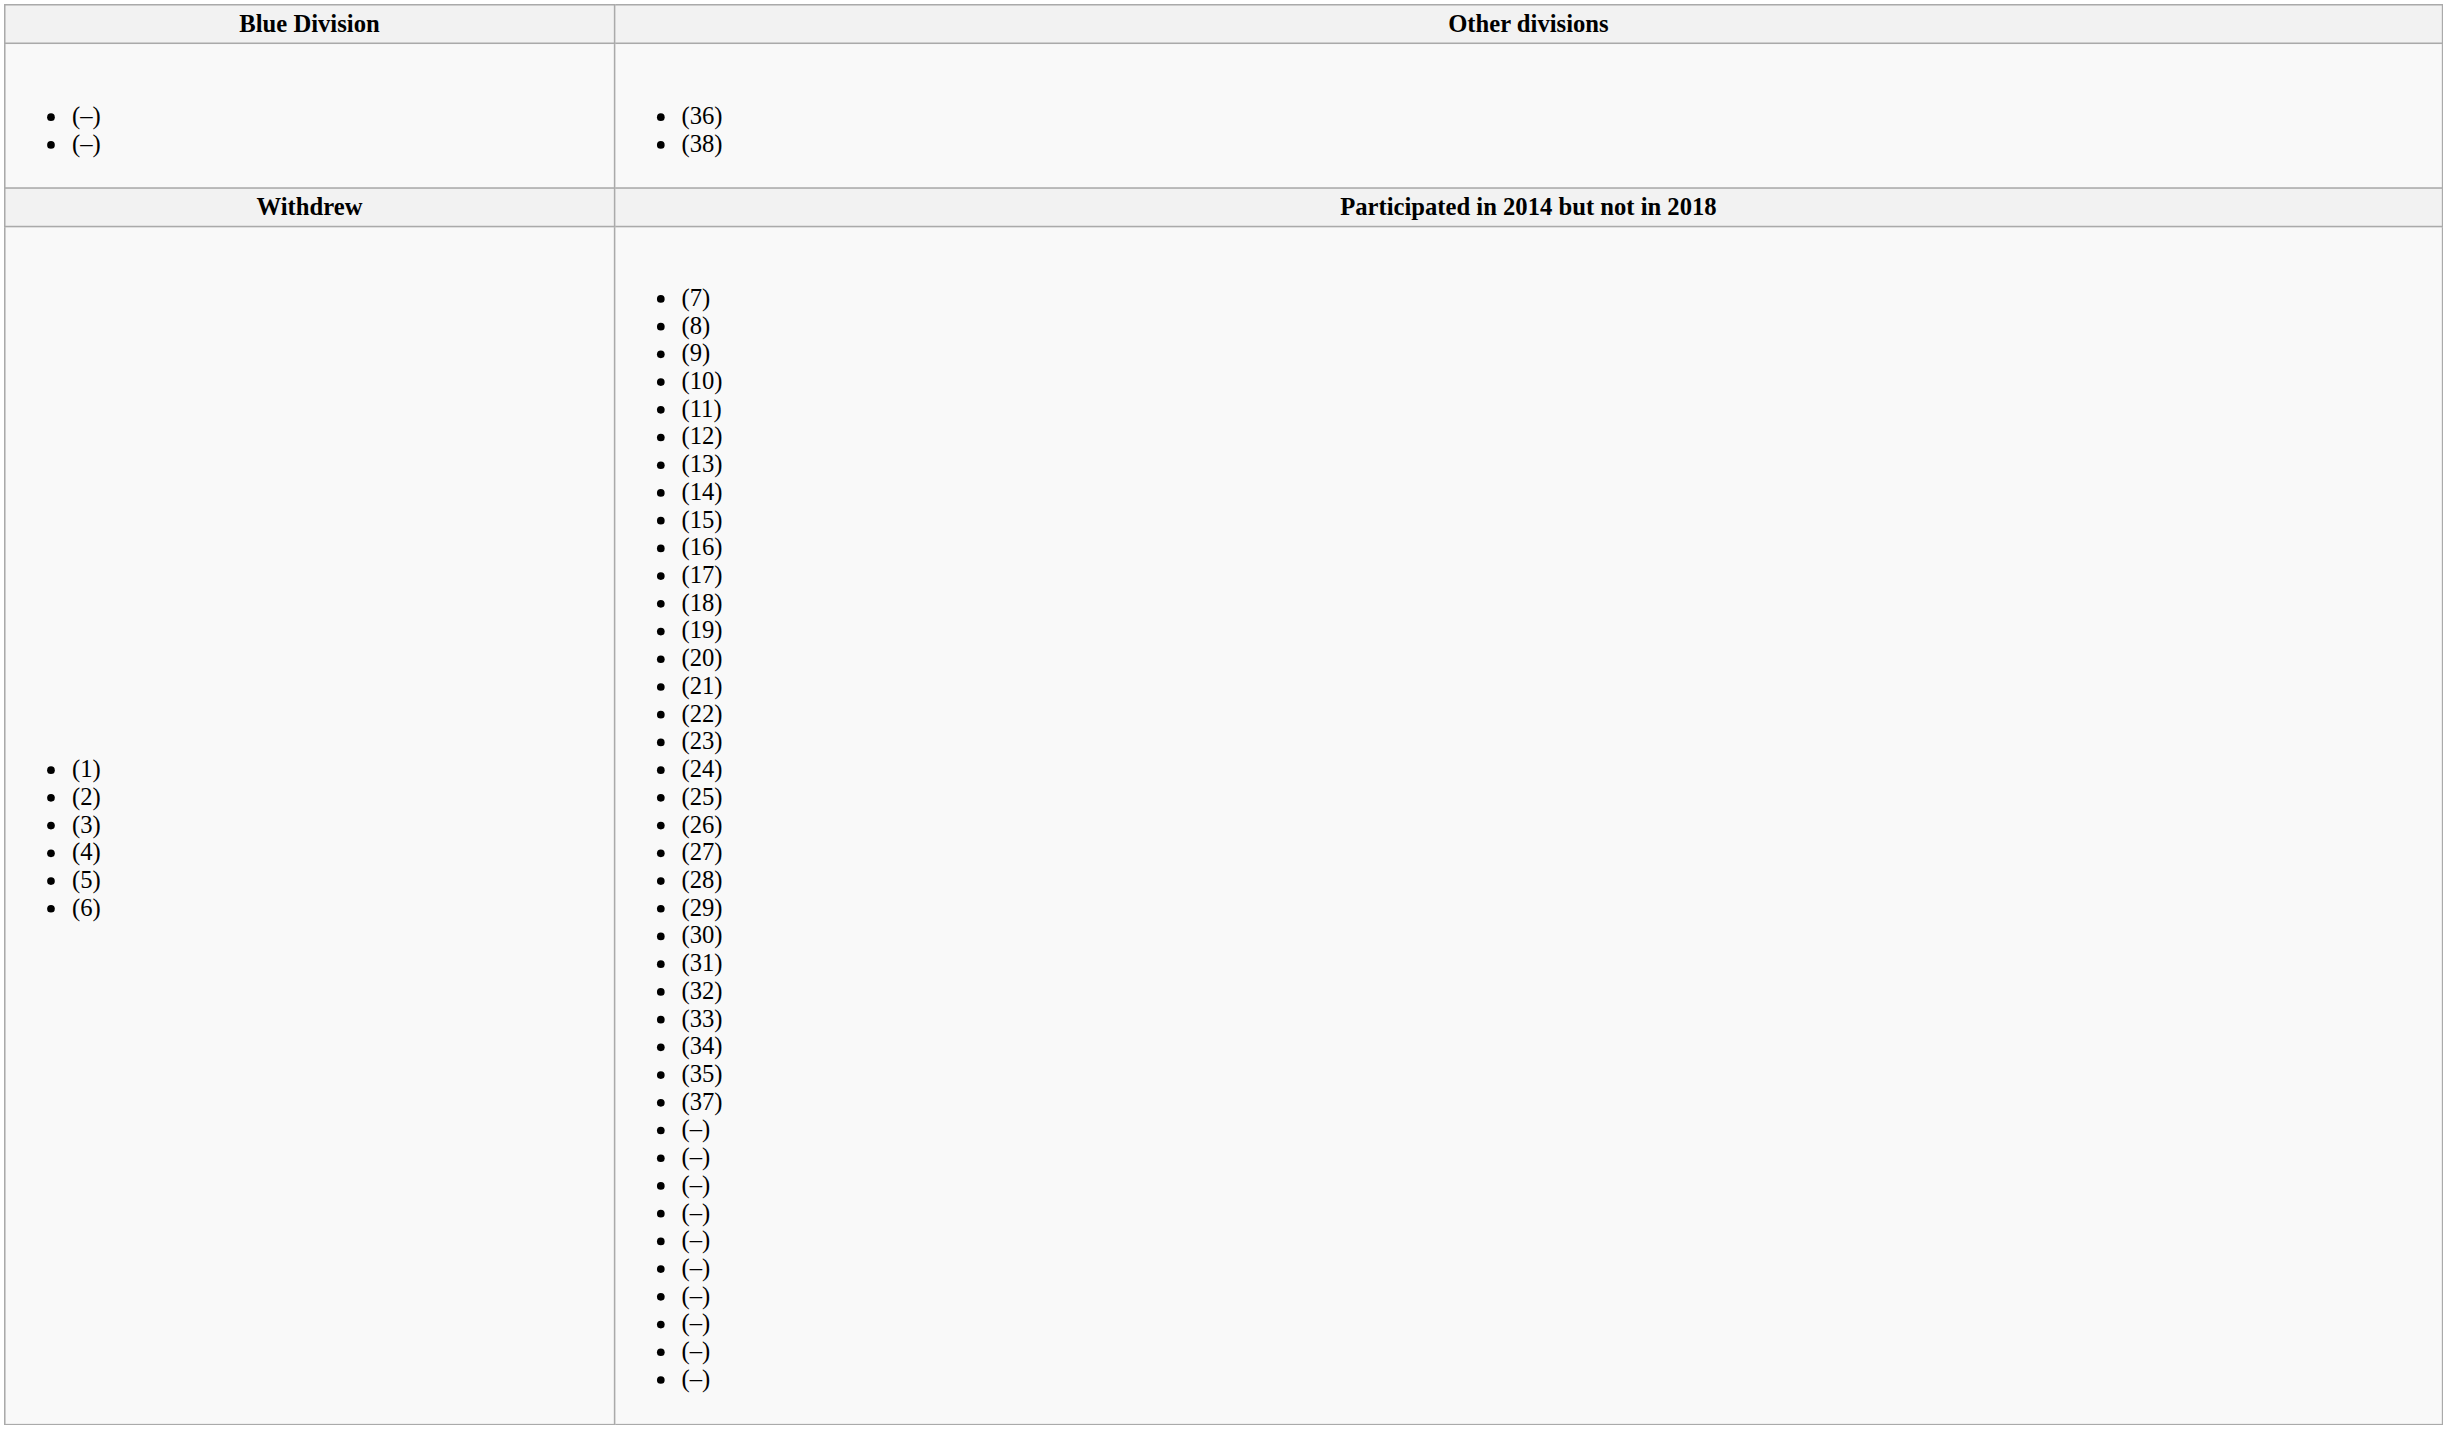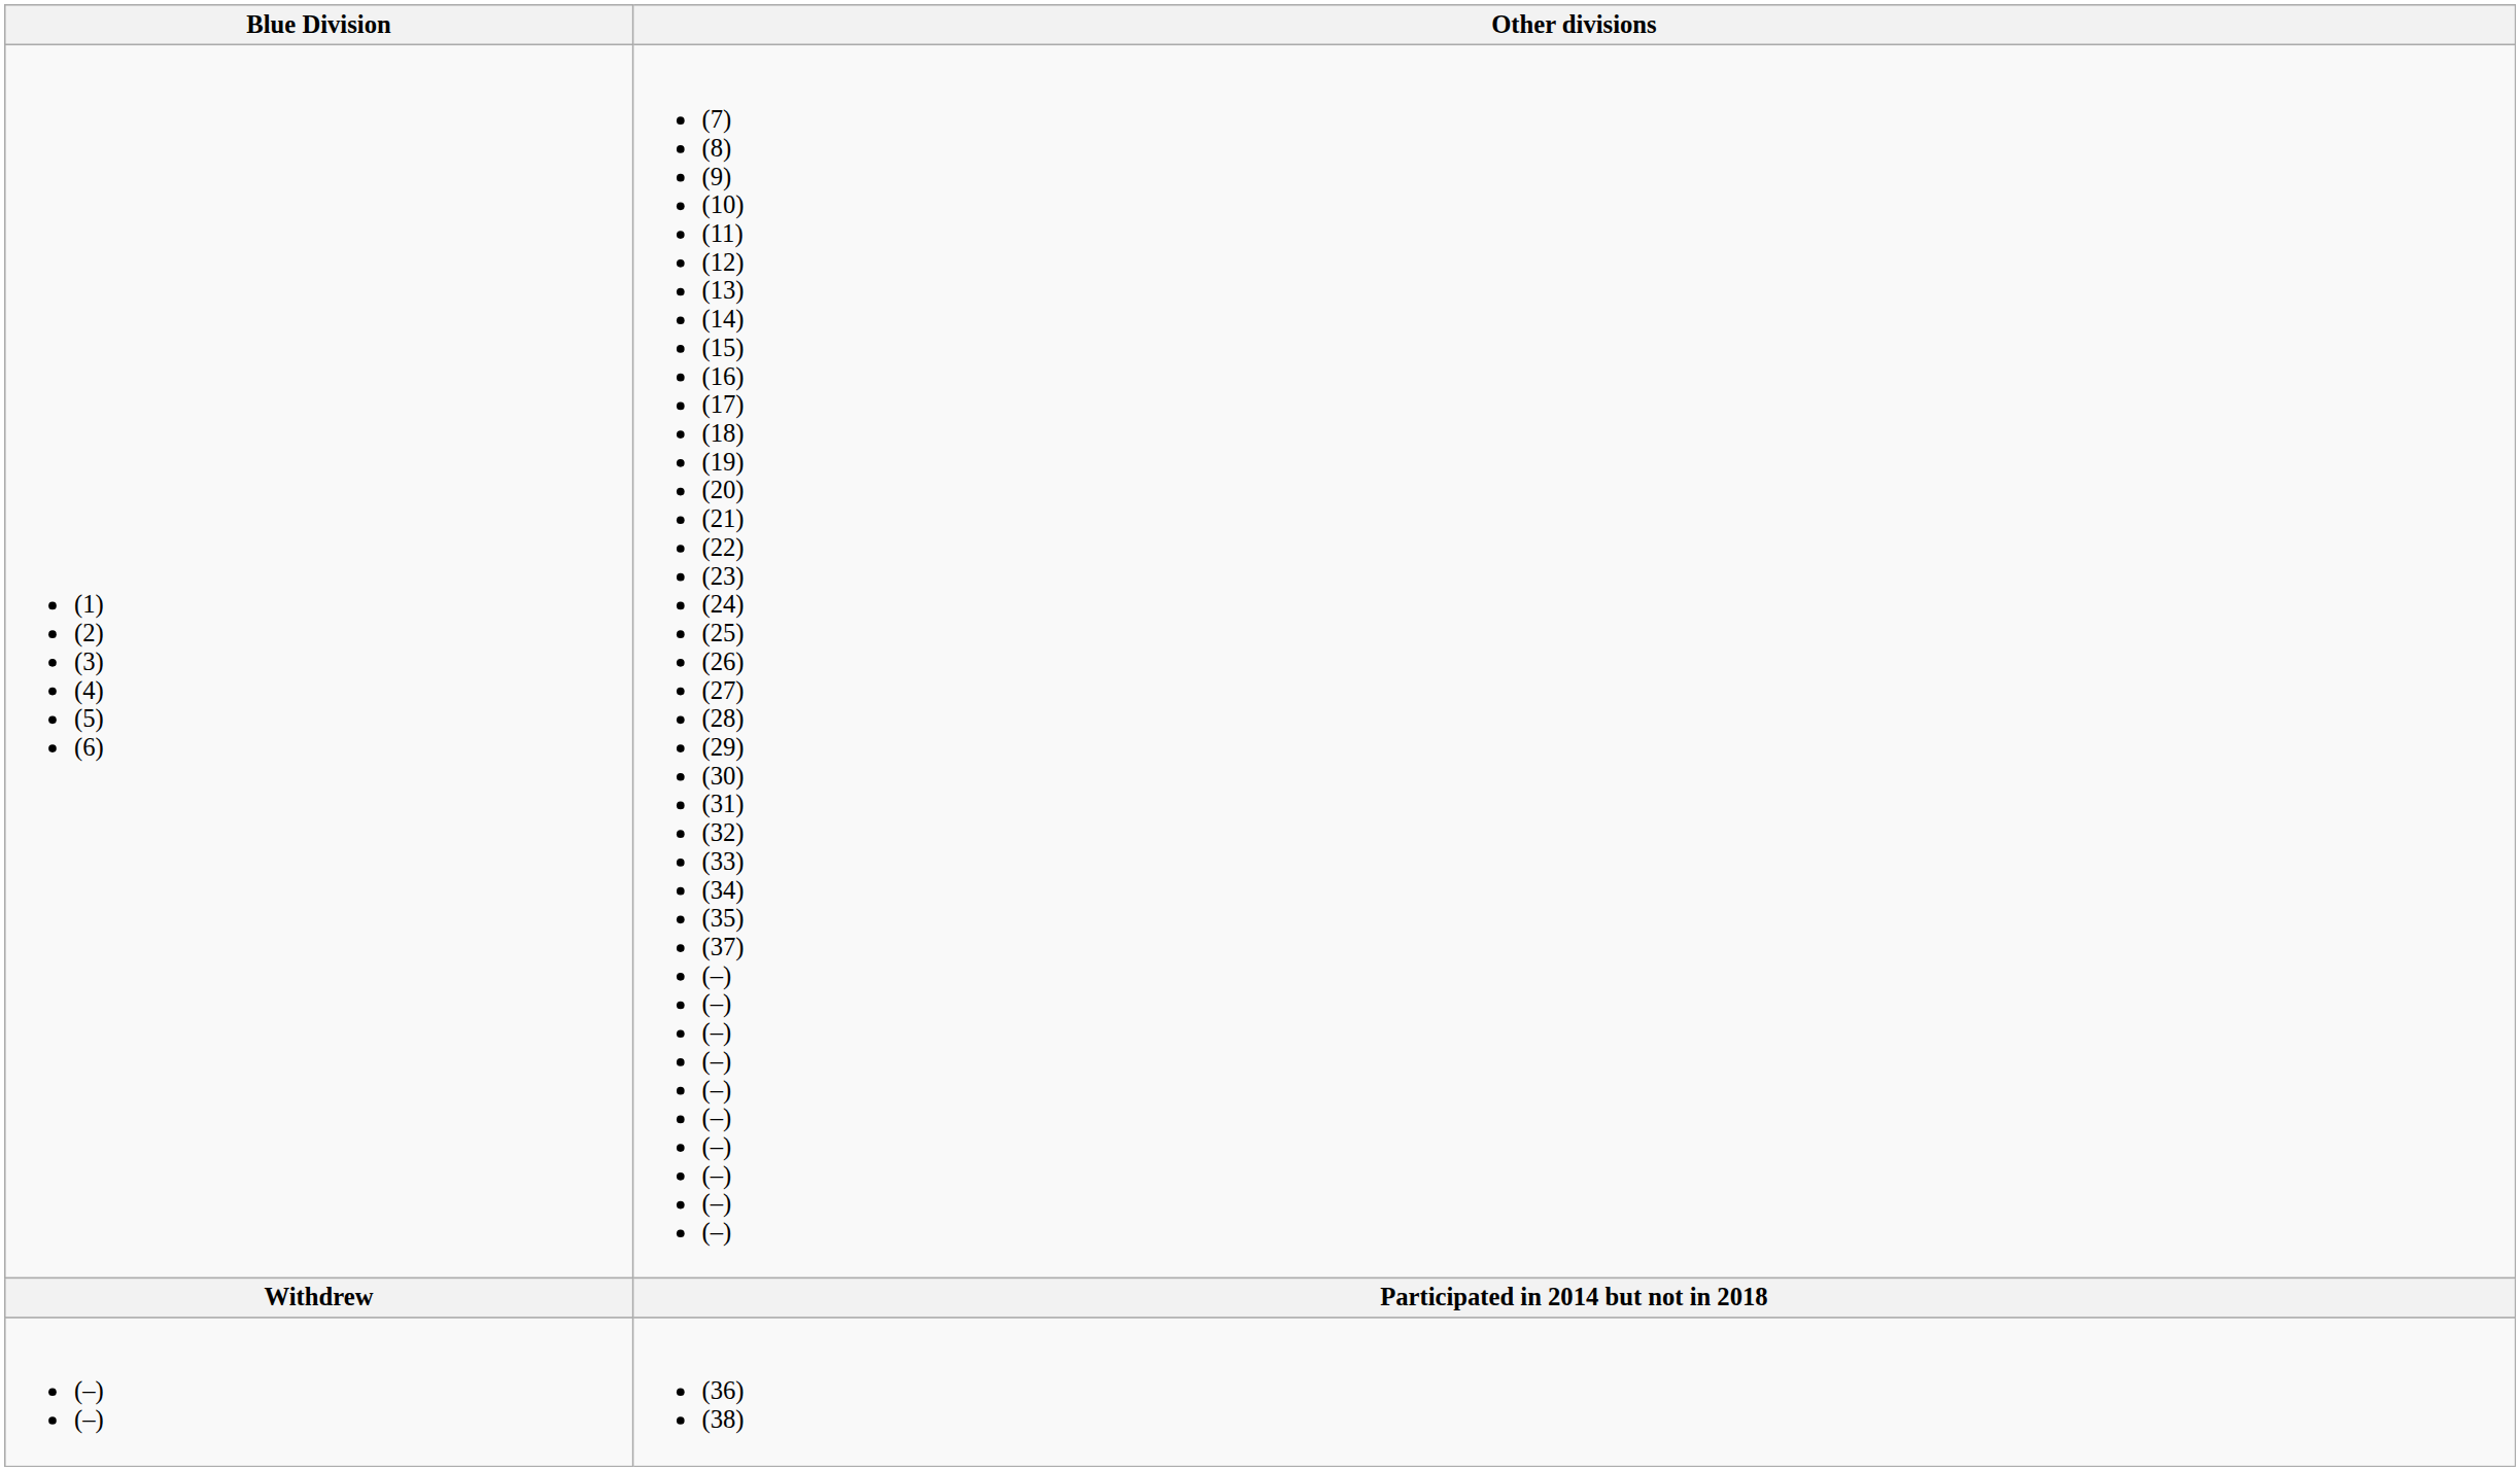 <table class="wikitable" style="txt-align: center;" width=100%>
 <tr>
 <th width=25%>Blue Division</th>
 <th>Other divisions</th>
 </tr>
 <tr>
-<td><br><ul><li> (–)</li><li> (–)</li></ul></td>
-<td><br><ul><li> (36)</li><li> (38)</li></ul></td>
+<td><br><ul><li> (1)</li><li> (2)</li><li> (3)</li><li> (4)</li><li> (5)</li><li> (6)</li></ul></td>
+<td><br><ul><li> (7)</li><li> (8)</li><li> (9)</li><li> (10)</li><li> (11)</li><li> (12)</li><li> (13)</li><li> (14)</li><li> (15)</li><li> (16)</li><li> (17)</li><li> (18)</li><li> (19)</li><li> (20)</li><li> (21)</li><li> (22)</li><li> (23)</li><li> (24)</li><li> (25)</li><li> (26)</li><li> (27)</li><li> (28)</li><li> (29)</li><li> (30)</li><li> (31)</li><li> (32)</li><li> (33)</li><li> (34)</li><li> (35)</li><li> (37)</li><li> (–)</li><li> (–)</li><li> (–)</li><li> (–)</li><li> (–)</li><li> (–)</li><li> (–)</li><li> (–)</li><li> (–)</li><li> (–)</li></ul></td>
 </tr>
 <tr>
 <th>Withdrew</th>
 <th>Participated in 2014 but not in 2018</th>
 </tr>
 <tr>
-<td><br><ul><li> (1)</li><li> (2)</li><li> (3)</li><li> (4)</li><li> (5)</li><li> (6)</li></ul></td>
-<td><br><ul><li> (7)</li><li> (8)</li><li> (9)</li><li> (10)</li><li> (11)</li><li> (12)</li><li> (13)</li><li> (14)</li><li> (15)</li><li> (16)</li><li> (17)</li><li> (18)</li><li> (19)</li><li> (20)</li><li> (21)</li><li> (22)</li><li> (23)</li><li> (24)</li><li> (25)</li><li> (26)</li><li> (27)</li><li> (28)</li><li> (29)</li><li> (30)</li><li> (31)</li><li> (32)</li><li> (33)</li><li> (34)</li><li> (35)</li><li> (37)</li><li> (–)</li><li> (–)</li><li> (–)</li><li> (–)</li><li> (–)</li><li> (–)</li><li> (–)</li><li> (–)</li><li> (–)</li><li> (–)</li></ul></td>
+<td><br><ul><li> (–)</li><li> (–)</li></ul></td>
+<td><br><ul><li> (36)</li><li> (38)</li></ul></td>
 </tr>
 </table>
